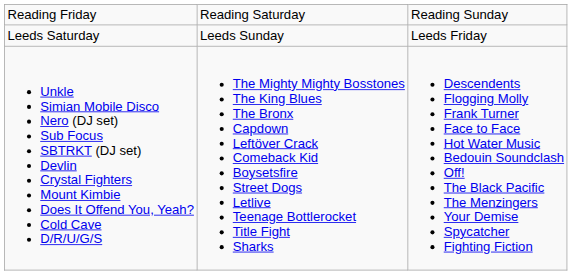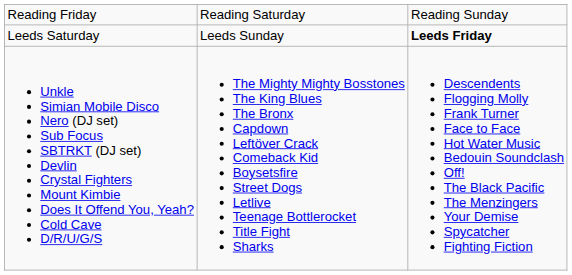 <table class="wikitable">
 <tr>
 <td>Reading Friday</td>
 <td>Reading Saturday</td>
 <td>Reading Sunday</td>
 </tr>
 <tr>
 <td>Leeds Saturday</td>
 <td>Leeds Sunday</td>
-<td>Leeds Friday</td>
+<td><strong>Leeds Friday</strong></td>
 </tr>
 <tr>
 <td><br><ul><li><a href='#'>Unkle</a></li><li><a href='#'>Simian Mobile Disco</a></li><li><a href='#'>Nero</a> (DJ set)</li><li><a href='#'>Sub Focus</a></li><li><a href='#'>SBTRKT</a> (DJ set)</li><li><a href='#'>Devlin</a></li><li><a href='#'>Crystal Fighters</a></li><li><a href='#'>Mount Kimbie</a></li><li><a href='#'>Does It Offend You, Yeah?</a></li><li><a href='#'>Cold Cave</a></li><li><a href='#'>D/R/U/G/S</a></li></ul></td>
 <td><br><ul><li><a href='#'>The Mighty Mighty Bosstones</a></li><li><a href='#'>The King Blues</a></li><li><a href='#'>The Bronx</a></li><li><a href='#'>Capdown</a></li><li><a href='#'>Leftöver Crack</a></li><li><a href='#'>Comeback Kid</a></li><li><a href='#'>Boysetsfire</a></li><li><a href='#'>Street Dogs</a></li><li><a href='#'>Letlive</a></li><li><a href='#'>Teenage Bottlerocket</a></li><li><a href='#'>Title Fight</a></li><li><a href='#'>Sharks</a></li></ul></td>
 <td><br><ul><li><a href='#'>Descendents</a></li><li><a href='#'>Flogging Molly</a></li><li><a href='#'>Frank Turner</a></li><li><a href='#'>Face to Face</a></li><li><a href='#'>Hot Water Music</a></li><li><a href='#'>Bedouin Soundclash</a></li><li><a href='#'>Off!</a></li><li><a href='#'>The Black Pacific</a></li><li><a href='#'>The Menzingers</a></li><li><a href='#'>Your Demise</a></li><li><a href='#'>Spycatcher</a></li><li><a href='#'>Fighting Fiction</a></li></ul></td>
 </tr>
 </table>
